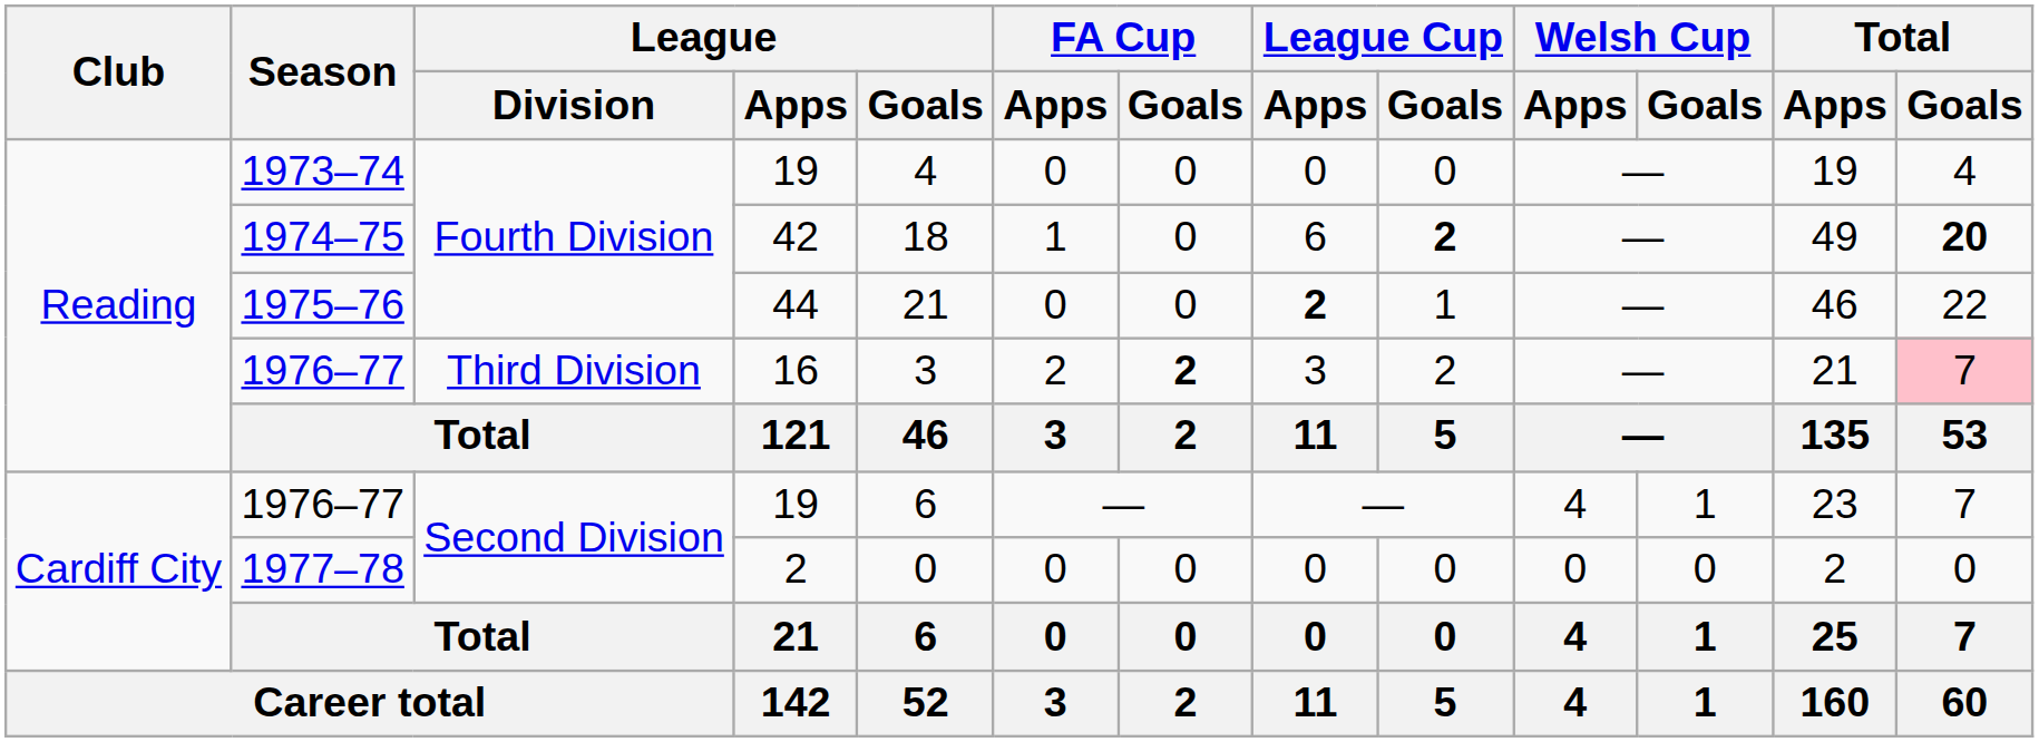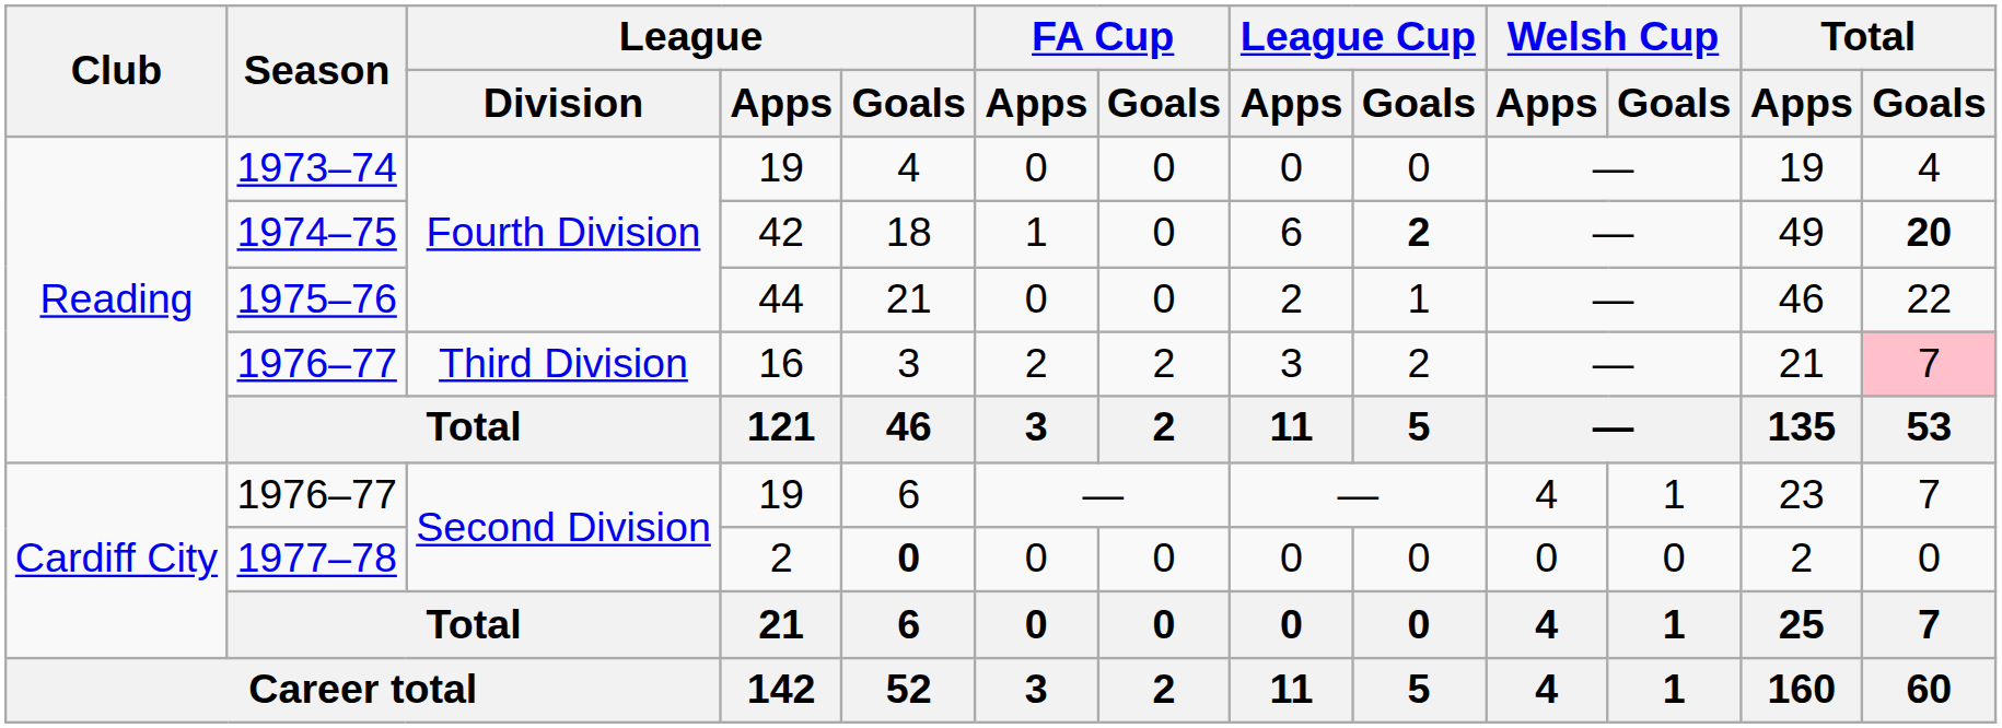 <table class="wikitable" style="text-align: center">
 <tr>
 <th rowspan="2">Club</th>
 <th rowspan="2">Season</th>
 <th colspan="3">League</th>
 <th colspan="2"><a href='#'>FA Cup</a></th>
 <th colspan="2"><a href='#'>League Cup</a></th>
 <th colspan="2"><a href='#'>Welsh Cup</a></th>
 <th colspan="2">Total</th>
 </tr>
 <tr>
 <th>Division</th>
 <th>Apps</th>
 <th>Goals</th>
 <th>Apps</th>
 <th>Goals</th>
 <th>Apps</th>
 <th>Goals</th>
 <th>Apps</th>
 <th>Goals</th>
 <th>Apps</th>
 <th>Goals</th>
 </tr>
 <tr>
 <td rowspan="5"><a href='#'>Reading</a></td>
 <td><a href='#'>1973–74</a></td>
 <td rowspan="3"><a href='#'>Fourth Division</a></td>
 <td>19</td>
 <td>4</td>
 <td>0</td>
 <td>0</td>
 <td>0</td>
 <td>0</td>
 <td colspan="2">—</td>
 <td>19</td>
 <td>4</td>
 </tr>
 <tr>
 <td><a href='#'>1974–75</a></td>
 <td>42</td>
 <td>18</td>
 <td>1</td>
 <td>0</td>
 <td>6</td>
 <td><strong>2</strong></td>
 <td colspan="2">—</td>
 <td>49</td>
 <td><strong>20</strong></td>
 </tr>
 <tr>
 <td><a href='#'>1975–76</a></td>
 <td>44</td>
 <td>21</td>
 <td>0</td>
 <td>0</td>
-<td><strong>2</strong></td>
+<td>2</td>
 <td>1</td>
 <td colspan="2">—</td>
 <td>46</td>
 <td>22</td>
 </tr>
 <tr>
 <td><a href='#'>1976–77</a></td>
 <td><a href='#'>Third Division</a></td>
 <td>16</td>
 <td>3</td>
 <td>2</td>
-<td><strong>2</strong></td>
+<td>2</td>
 <td>3</td>
 <td>2</td>
 <td colspan="2">—</td>
 <td>21</td>
 <td style="background: pink;">7</td>
 </tr>
 <tr>
 <th colspan="2">Total</th>
 <th>121</th>
 <th>46</th>
 <th>3</th>
 <th>2</th>
 <th>11</th>
 <th>5</th>
 <th colspan="2">—</th>
 <th>135</th>
 <th>53</th>
 </tr>
 <tr>
 <td rowspan="3"><a href='#'>Cardiff City</a></td>
 <td>1976–77</td>
 <td rowspan="2"><a href='#'>Second Division</a></td>
 <td>19</td>
 <td>6</td>
 <td colspan="2">—</td>
 <td colspan="2">—</td>
 <td>4</td>
 <td>1</td>
 <td>23</td>
 <td>7</td>
 </tr>
 <tr>
 <td><a href='#'>1977–78</a></td>
 <td>2</td>
-<td>0</td>
+<td><strong>0</strong></td>
 <td>0</td>
 <td>0</td>
 <td>0</td>
 <td>0</td>
 <td>0</td>
 <td>0</td>
 <td>2</td>
 <td>0</td>
 </tr>
 <tr>
 <th colspan="2">Total</th>
 <th>21</th>
 <th>6</th>
 <th>0</th>
 <th>0</th>
 <th>0</th>
 <th>0</th>
 <th>4</th>
 <th>1</th>
 <th>25</th>
 <th>7</th>
 </tr>
 <tr>
 <th colspan="3">Career total</th>
 <th>142</th>
 <th>52</th>
 <th>3</th>
 <th>2</th>
 <th>11</th>
 <th>5</th>
 <th>4</th>
 <th>1</th>
 <th>160</th>
 <th>60</th>
 </tr>
 </table>
